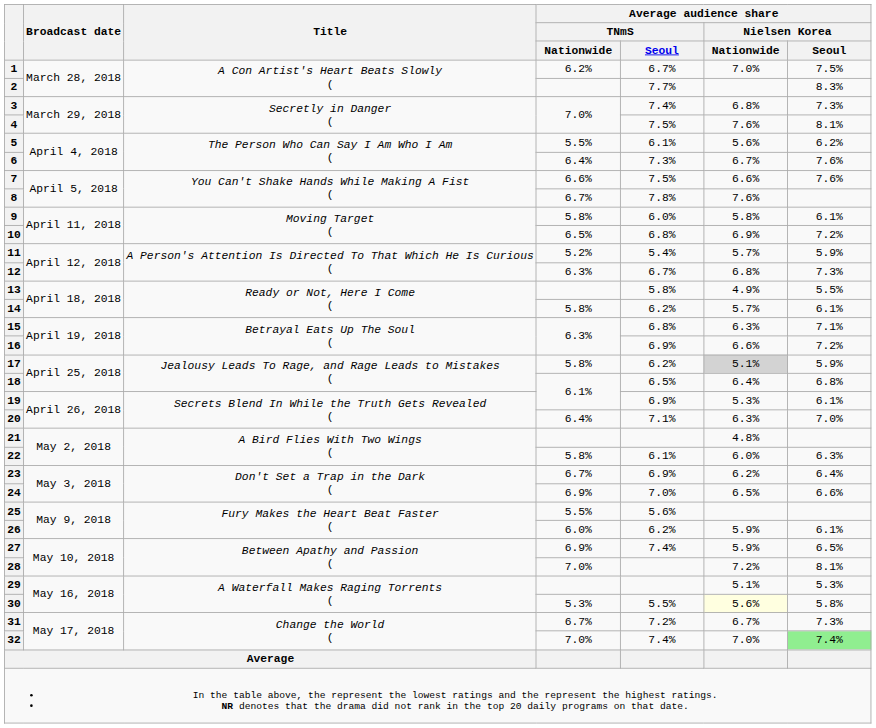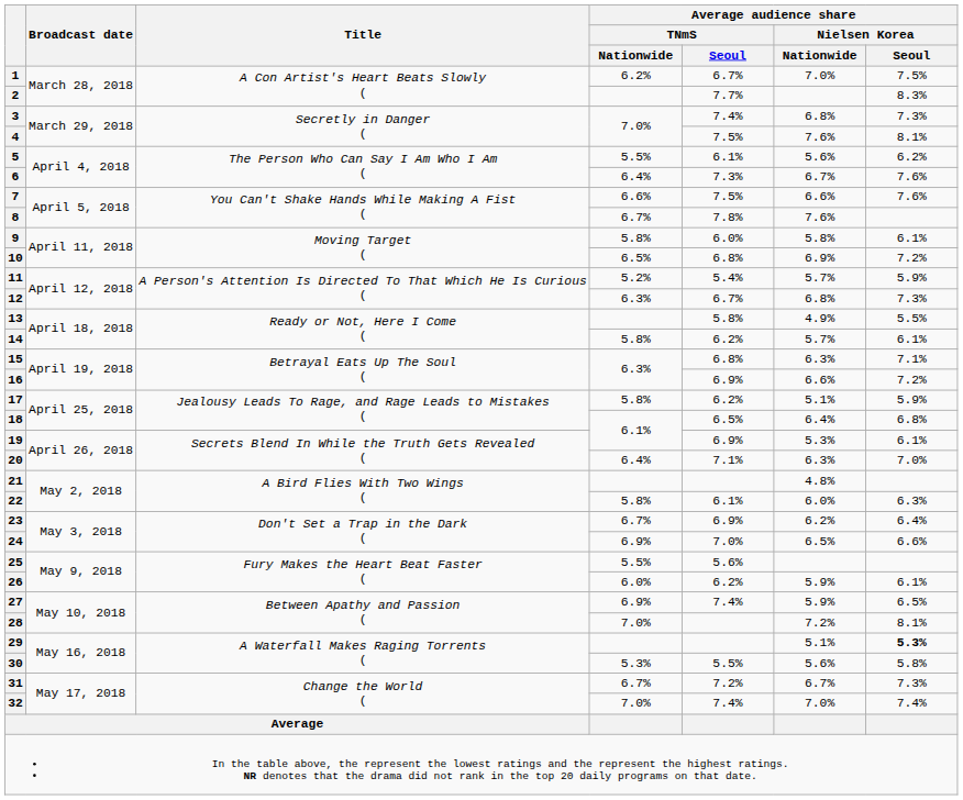 <table class="wikitable" style="text-align:center">
 <tr>
 <th rowspan="3"></th>
 <th rowspan="3">Broadcast date</th>
 <th rowspan="3">Title</th>
 <th colspan="4">Average audience share</th>
 </tr>
 <tr>
 <th colspan="2">TNmS</th>
 <th colspan="2">Nielsen Korea</th>
 </tr>
 <tr>
 <th width="90">Nationwide</th>
 <th width="90"><a href='#'>Seoul</a></th>
 <th width="90">Nationwide</th>
 <th width="90">Seoul</th>
 </tr>
 <tr>
 <th>1</th>
 <td rowspan="2">March 28, 2018</td>
 <td rowspan="2"><em>A Con Artist's Heart Beats Slowly</em><br>(</td>
 <td>6.2% </td>
 <td>6.7%</td>
 <td>7.0% </td>
 <td>7.5% </td>
 </tr>
 <tr>
 <th>2</th>
 <td> </td>
 <td>7.7%</td>
 <td> </td>
 <td>8.3% </td>
 </tr>
 <tr>
 <th>3</th>
 <td rowspan="2">March 29, 2018</td>
 <td rowspan="2"><em>Secretly in Danger</em><br>(</td>
 <td rowspan="2">7.0% </td>
 <td>7.4%</td>
 <td>6.8% </td>
 <td>7.3% </td>
 </tr>
 <tr>
 <th>4</th>
 <td>7.5%</td>
 <td>7.6% </td>
 <td>8.1% </td>
 </tr>
 <tr>
 <th>5</th>
 <td rowspan="2">April 4, 2018</td>
 <td rowspan="2"><em>The Person Who Can Say I Am Who I Am</em><br>(</td>
 <td>5.5% </td>
 <td>6.1%</td>
 <td>5.6% </td>
 <td>6.2% </td>
 </tr>
 <tr>
 <th>6</th>
 <td>6.4% </td>
 <td>7.3%</td>
 <td>6.7% </td>
 <td>7.6% </td>
 </tr>
 <tr>
 <th>7</th>
 <td rowspan="2">April 5, 2018</td>
 <td rowspan="2"><em>You Can't Shake Hands While Making A Fist</em><br>(</td>
 <td>6.6% </td>
 <td>7.5%</td>
 <td>6.6% </td>
 <td>7.6% </td>
 </tr>
 <tr>
 <th>8</th>
 <td>6.7% </td>
 <td>7.8%</td>
 <td>7.6% </td>
 <td> </td>
 </tr>
 <tr>
 <th>9</th>
 <td rowspan="2">April 11, 2018</td>
 <td rowspan="2"><em>Moving Target</em><br>(</td>
 <td>5.8% </td>
 <td>6.0%</td>
 <td>5.8% </td>
 <td>6.1% </td>
 </tr>
 <tr>
 <th>10</th>
 <td>6.5% </td>
 <td>6.8%</td>
 <td>6.9% </td>
 <td>7.2% </td>
 </tr>
 <tr>
 <th>11</th>
 <td rowspan="2">April 12, 2018</td>
 <td rowspan="2"><em>A Person's Attention Is Directed To That Which He Is Curious</em><br>(</td>
 <td>5.2% </td>
 <td>5.4%</td>
 <td>5.7% </td>
 <td>5.9% </td>
 </tr>
 <tr>
 <th>12</th>
 <td>6.3% </td>
 <td>6.7%</td>
 <td>6.8% </td>
 <td>7.3% </td>
 </tr>
 <tr>
 <th>13</th>
 <td rowspan="2">April 18, 2018</td>
 <td rowspan="2"><em>Ready or Not, Here I Come</em><br>(</td>
 <td> </td>
 <td>5.8%</td>
 <td>4.9% </td>
 <td>5.5% </td>
 </tr>
 <tr>
 <th>14</th>
 <td>5.8% </td>
 <td>6.2%</td>
 <td>5.7% </td>
 <td>6.1% </td>
 </tr>
 <tr>
 <th>15</th>
 <td rowspan="2">April 19, 2018</td>
 <td rowspan="2"><em>Betrayal Eats Up The Soul</em><br>(</td>
 <td rowspan="2">6.3% </td>
 <td>6.8%</td>
 <td>6.3% </td>
 <td>7.1% </td>
 </tr>
 <tr>
 <th>16</th>
 <td>6.9%</td>
 <td>6.6% </td>
 <td>7.2% </td>
 </tr>
 <tr>
 <th>17</th>
 <td rowspan="2">April 25, 2018</td>
 <td rowspan="2"><em>Jealousy Leads To Rage, and Rage Leads to Mistakes</em><br>(</td>
 <td>5.8% </td>
 <td>6.2%</td>
-<td style="background: lightgrey;">5.1% </td>
+<td>5.1% </td>
 <td>5.9% </td>
 </tr>
 <tr>
 <th>18</th>
 <td rowspan="2">6.1% </td>
 <td>6.5%</td>
 <td>6.4% </td>
 <td>6.8% </td>
 </tr>
 <tr>
 <th>19</th>
 <td rowspan="2">April 26, 2018</td>
 <td rowspan="2"><em>Secrets Blend In While the Truth Gets Revealed</em><br>(</td>
 <td>6.9%</td>
 <td>5.3% </td>
 <td>6.1% </td>
 </tr>
 <tr>
 <th>20</th>
 <td>6.4% </td>
 <td>7.1%</td>
 <td>6.3% </td>
 <td>7.0% </td>
 </tr>
 <tr>
 <th>21</th>
 <td rowspan="2">May 2, 2018</td>
 <td rowspan="2"><em>A Bird Flies With Two Wings</em><br>(</td>
 <td> </td>
 <td></td>
 <td>4.8% </td>
 <td> </td>
 </tr>
 <tr>
 <th>22</th>
 <td>5.8% </td>
 <td>6.1%</td>
 <td>6.0% </td>
 <td>6.3% </td>
 </tr>
 <tr>
 <th>23</th>
 <td rowspan="2">May 3, 2018</td>
 <td rowspan="2"><em>Don't Set a Trap in the Dark</em><br>(</td>
 <td>6.7% </td>
 <td>6.9%</td>
 <td>6.2% </td>
 <td>6.4% </td>
 </tr>
 <tr>
 <th>24</th>
 <td>6.9% </td>
 <td>7.0%</td>
 <td>6.5% </td>
 <td>6.6% </td>
 </tr>
 <tr>
 <th>25</th>
 <td rowspan="2">May 9, 2018</td>
 <td rowspan="2"><em>Fury Makes the Heart Beat Faster</em><br>(</td>
 <td>5.5% </td>
 <td>5.6%</td>
 <td> </td>
 <td> </td>
 </tr>
 <tr>
 <th>26</th>
 <td>6.0% </td>
 <td>6.2%</td>
 <td>5.9% </td>
 <td>6.1% </td>
 </tr>
 <tr>
 <th>27</th>
 <td rowspan="2">May 10, 2018</td>
 <td rowspan="2"><em>Between Apathy and Passion</em><br>(</td>
 <td>6.9% </td>
 <td>7.4%</td>
 <td>5.9% </td>
 <td>6.5% </td>
 </tr>
 <tr>
 <th>28</th>
 <td>7.0% </td>
 <td></td>
 <td>7.2% </td>
 <td>8.1% </td>
 </tr>
 <tr>
 <th>29</th>
 <td rowspan="2">May 16, 2018</td>
 <td rowspan="2"><em>A Waterfall Makes Raging Torrents</em><br>(</td>
 <td> </td>
 <td></td>
 <td>5.1% </td>
-<td>5.3% </td>
+<td><strong>5.3% </strong></td>
 </tr>
 <tr>
 <th>30</th>
 <td>5.3% </td>
 <td>5.5%</td>
-<td style="background: lightyellow;">5.6% </td>
+<td>5.6% </td>
 <td>5.8% </td>
 </tr>
 <tr>
 <th>31</th>
 <td rowspan="2">May 17, 2018</td>
 <td rowspan="2"><em>Change the World</em><br>(</td>
 <td>6.7% </td>
 <td>7.2%</td>
 <td>6.7% </td>
 <td>7.3% </td>
 </tr>
 <tr>
 <th>32</th>
 <td>7.0% </td>
 <td>7.4%</td>
 <td>7.0% </td>
-<td style="background: lightgreen;">7.4% </td>
+<td>7.4% </td>
 </tr>
 <tr>
 <th colspan="3">Average</th>
 <th></th>
 <th></th>
 <th></th>
 <th></th>
 </tr>
 <tr>
 <td colspan="7" style="font-size:85%"><br><ul><li>In the table above, the <strong></strong> represent the lowest ratings and the <strong></strong> represent the highest ratings.</li><li><strong>NR</strong> denotes that the drama did not rank in the top 20 daily programs on that date.</li></ul></td>
 </tr>
 </table>
